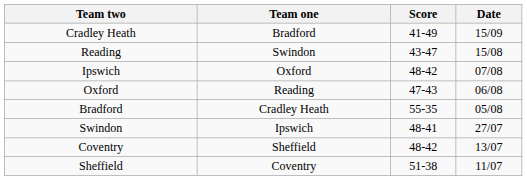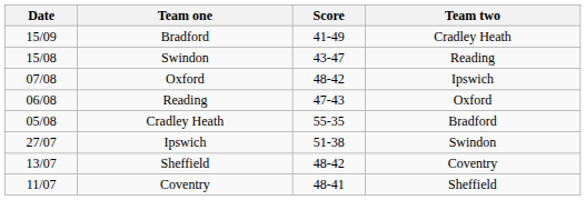 <table class="wikitable" style="text-align: center">
 <tr>
-<th width=250>Team two</th>
+<th width=80>Date</th>
 <th width=250>Team one</th>
 <th width=80>Score</th>
-<th width=80>Date</th>
+<th width=250>Team two</th>
 </tr>
 <tr>
-<td>Cradley Heath</td>
+<td>15/09</td>
 <td>Bradford</td>
 <td>41-49</td>
-<td>15/09</td>
+<td>Cradley Heath</td>
 </tr>
 <tr>
-<td>Reading</td>
+<td>15/08</td>
 <td>Swindon</td>
 <td>43-47</td>
-<td>15/08</td>
+<td>Reading</td>
 </tr>
 <tr>
-<td>Ipswich</td>
+<td>07/08</td>
 <td>Oxford</td>
 <td>48-42</td>
-<td>07/08</td>
+<td>Ipswich</td>
 </tr>
 <tr>
-<td>Oxford</td>
+<td>06/08</td>
 <td>Reading</td>
 <td>47-43</td>
-<td>06/08</td>
+<td>Oxford</td>
 </tr>
 <tr>
-<td>Bradford</td>
+<td>05/08</td>
 <td>Cradley Heath</td>
 <td>55-35</td>
-<td>05/08</td>
+<td>Bradford</td>
 </tr>
 <tr>
+<td>27/07</td>
+<td>Ipswich</td>
+<td>51-38</td>
 <td>Swindon</td>
-<td>Ipswich</td>
-<td>48-41</td>
-<td>27/07</td>
 </tr>
 <tr>
-<td>Coventry</td>
+<td>13/07</td>
 <td>Sheffield</td>
 <td>48-42</td>
-<td>13/07</td>
+<td>Coventry</td>
 </tr>
 <tr>
+<td>11/07</td>
+<td>Coventry</td>
+<td>48-41</td>
 <td>Sheffield</td>
-<td>Coventry</td>
-<td>51-38</td>
-<td>11/07</td>
 </tr>
 </table>
